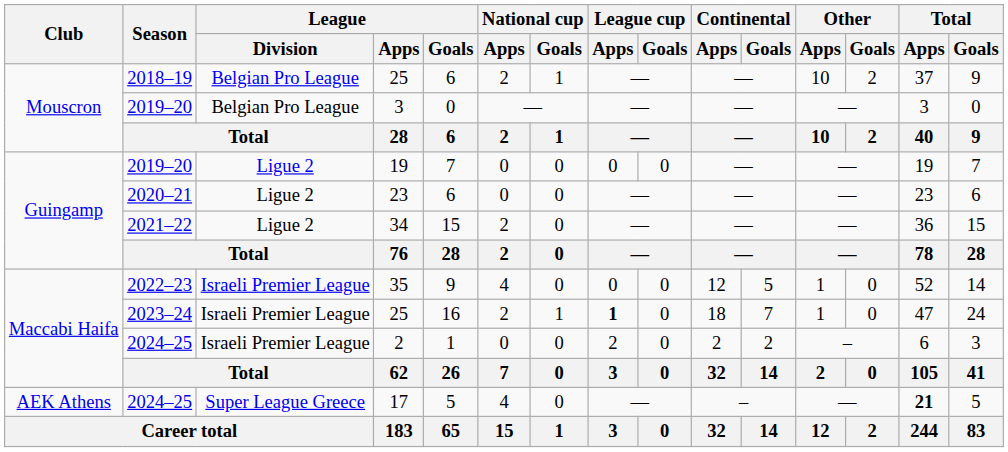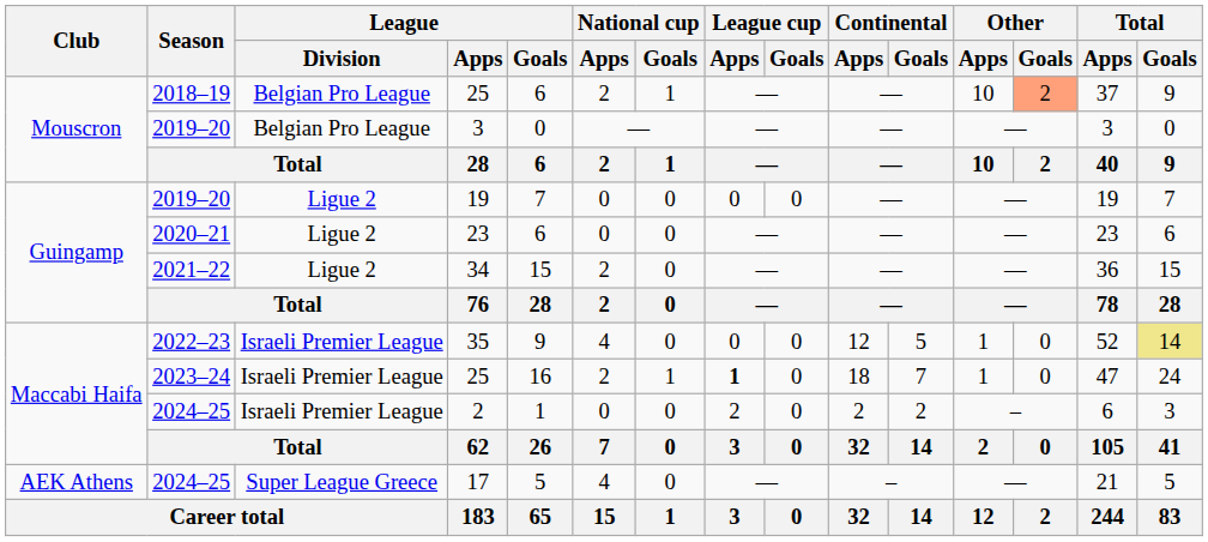 <table class="wikitable" style="text-align:center">
 <tr>
 <th rowspan="2">Club</th>
 <th rowspan="2">Season</th>
 <th colspan="3">League</th>
 <th colspan="2">National cup</th>
 <th colspan="2">League cup</th>
 <th colspan="2">Continental</th>
 <th colspan="2">Other</th>
 <th colspan="2">Total</th>
 </tr>
 <tr>
 <th>Division</th>
 <th>Apps</th>
 <th>Goals</th>
 <th>Apps</th>
 <th>Goals</th>
 <th>Apps</th>
 <th>Goals</th>
 <th>Apps</th>
 <th>Goals</th>
 <th>Apps</th>
 <th>Goals</th>
 <th>Apps</th>
 <th>Goals</th>
 </tr>
 <tr>
 <td rowspan="3"><a href='#'>Mouscron</a></td>
 <td><a href='#'>2018–19</a></td>
 <td><a href='#'>Belgian Pro League</a></td>
 <td>25</td>
 <td>6</td>
 <td>2</td>
 <td>1</td>
 <td colspan="2">—</td>
 <td colspan="2">—</td>
 <td>10</td>
-<td>2</td>
+<td style="background: lightsalmon;">2</td>
 <td>37</td>
 <td>9</td>
 </tr>
 <tr>
 <td><a href='#'>2019–20</a></td>
 <td>Belgian Pro League</td>
 <td>3</td>
 <td>0</td>
 <td colspan="2">—</td>
 <td colspan="2">—</td>
 <td colspan="2">—</td>
 <td colspan="2">—</td>
 <td>3</td>
 <td>0</td>
 </tr>
 <tr>
 <th colspan="2">Total</th>
 <th>28</th>
 <th>6</th>
 <th>2</th>
 <th>1</th>
 <th colspan="2">—</th>
 <th colspan="2">—</th>
 <th>10</th>
 <th>2</th>
 <th>40</th>
 <th>9</th>
 </tr>
 <tr>
 <td rowspan="4"><a href='#'>Guingamp</a></td>
 <td><a href='#'>2019–20</a></td>
 <td><a href='#'>Ligue 2</a></td>
 <td>19</td>
 <td>7</td>
 <td>0</td>
 <td>0</td>
 <td>0</td>
 <td>0</td>
 <td colspan="2">—</td>
 <td colspan="2">—</td>
 <td>19</td>
 <td>7</td>
 </tr>
 <tr>
 <td><a href='#'>2020–21</a></td>
 <td>Ligue 2</td>
 <td>23</td>
 <td>6</td>
 <td>0</td>
 <td>0</td>
 <td colspan="2">—</td>
 <td colspan="2">—</td>
 <td colspan="2">—</td>
 <td>23</td>
 <td>6</td>
 </tr>
 <tr>
 <td><a href='#'>2021–22</a></td>
 <td>Ligue 2</td>
 <td>34</td>
 <td>15</td>
 <td>2</td>
 <td>0</td>
 <td colspan="2">—</td>
 <td colspan="2">—</td>
 <td colspan="2">—</td>
 <td>36</td>
 <td>15</td>
 </tr>
 <tr>
 <th colspan="2">Total</th>
 <th>76</th>
 <th>28</th>
 <th>2</th>
 <th>0</th>
 <th colspan="2">—</th>
 <th colspan="2">—</th>
 <th colspan="2">—</th>
 <th>78</th>
 <th>28</th>
 </tr>
 <tr>
 <td rowspan="4"><a href='#'>Maccabi Haifa</a></td>
 <td><a href='#'>2022–23</a></td>
 <td><a href='#'>Israeli Premier League</a></td>
 <td>35</td>
 <td>9</td>
 <td>4</td>
 <td>0</td>
 <td>0</td>
 <td>0</td>
 <td>12</td>
 <td>5</td>
 <td>1</td>
 <td>0</td>
 <td>52</td>
-<td>14</td>
+<td style="background: khaki;">14</td>
 </tr>
 <tr>
 <td><a href='#'>2023–24</a></td>
 <td>Israeli Premier League</td>
 <td>25</td>
 <td>16</td>
 <td>2</td>
 <td>1</td>
 <td><strong>1</strong></td>
 <td>0</td>
 <td>18</td>
 <td>7</td>
 <td>1</td>
 <td>0</td>
 <td>47</td>
 <td>24</td>
 </tr>
 <tr>
 <td><a href='#'>2024–25</a></td>
 <td>Israeli Premier League</td>
 <td>2</td>
 <td>1</td>
 <td>0</td>
 <td>0</td>
 <td>2</td>
 <td>0</td>
 <td>2</td>
 <td>2</td>
 <td colspan="2">–</td>
 <td>6</td>
 <td>3</td>
 </tr>
 <tr>
 <th colspan="2">Total</th>
 <th>62</th>
 <th>26</th>
 <th>7</th>
 <th>0</th>
 <th>3</th>
 <th>0</th>
 <th>32</th>
 <th>14</th>
 <th>2</th>
 <th>0</th>
 <th>105</th>
 <th>41</th>
 </tr>
 <tr>
 <td><a href='#'>AEK Athens</a></td>
 <td><a href='#'>2024–25</a></td>
 <td><a href='#'>Super League Greece</a></td>
 <td>17</td>
 <td>5</td>
 <td>4</td>
 <td>0</td>
 <td colspan="2">—</td>
 <td colspan="2">–</td>
 <td colspan="2">—</td>
-<td><strong>21</strong></td>
+<td>21</td>
 <td>5</td>
 </tr>
 <tr>
 <th colspan="3">Career total</th>
 <th>183</th>
 <th>65</th>
 <th>15</th>
 <th>1</th>
 <th>3</th>
 <th>0</th>
 <th>32</th>
 <th>14</th>
 <th>12</th>
 <th>2</th>
 <th>244</th>
 <th>83</th>
 </tr>
 </table>
